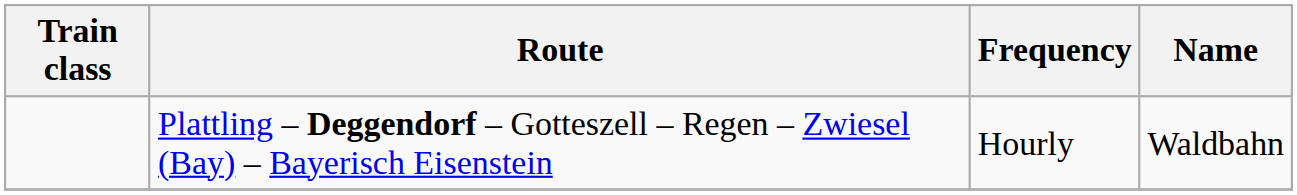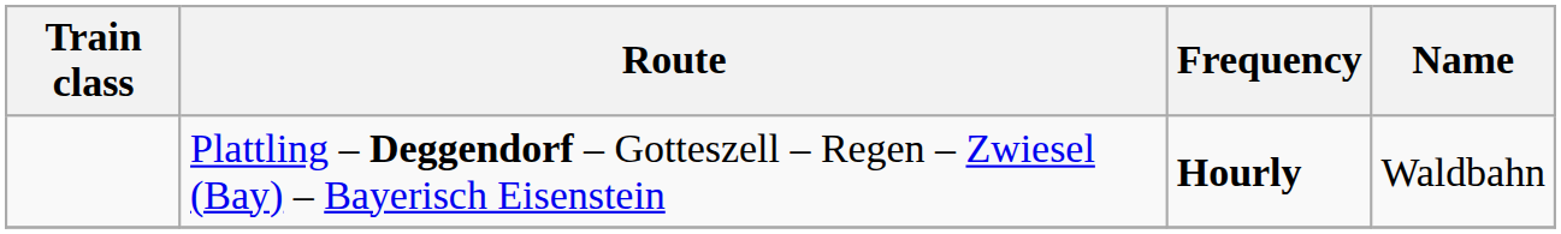 <table class="wikitable">
 <tr class="hintergrundfarbe6">
 <th>Train class</th>
 <th>Route</th>
 <th>Frequency</th>
 <th>Name</th>
 </tr>
 <tr>
 <td align="center"></td>
 <td><a href='#'>Plattling</a> – <strong>Deggendorf</strong> – Gotteszell – Regen – <a href='#'>Zwiesel (Bay)</a> – <a href='#'>Bayerisch Eisenstein</a></td>
-<td>Hourly</td>
+<td><strong>Hourly</strong></td>
 <td>Waldbahn</td>
 </tr>
 <tr>
 </tr>
 </table>
